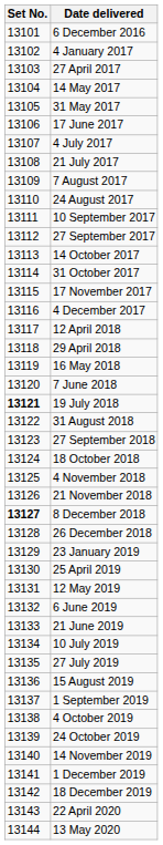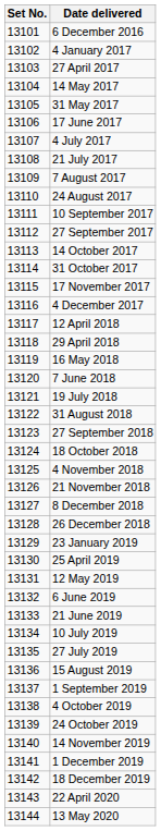 <table class="wikitable mw-collapsible mw-collapsed">
 <tr>
 <th>Set No.</th>
 <th>Date delivered</th>
 </tr>
 <tr>
 <td>13101</td>
 <td>6 December 2016</td>
 </tr>
 <tr>
 <td>13102</td>
 <td>4 January 2017</td>
 </tr>
 <tr>
 <td>13103</td>
 <td>27 April 2017</td>
 </tr>
 <tr>
 <td>13104</td>
 <td>14 May 2017</td>
 </tr>
 <tr>
 <td>13105</td>
 <td>31 May 2017</td>
 </tr>
 <tr>
 <td>13106</td>
 <td>17 June 2017</td>
 </tr>
 <tr>
 <td>13107</td>
 <td>4 July 2017</td>
 </tr>
 <tr>
 <td>13108</td>
 <td>21 July 2017</td>
 </tr>
 <tr>
 <td>13109</td>
 <td>7 August 2017</td>
 </tr>
 <tr>
 <td>13110</td>
 <td>24 August 2017</td>
 </tr>
 <tr>
 <td>13111</td>
 <td>10 September 2017</td>
 </tr>
 <tr>
 <td>13112</td>
 <td>27 September 2017</td>
 </tr>
 <tr>
 <td>13113</td>
 <td>14 October 2017</td>
 </tr>
 <tr>
 <td>13114</td>
 <td>31 October 2017</td>
 </tr>
 <tr>
 <td>13115</td>
 <td>17 November 2017</td>
 </tr>
 <tr>
 <td>13116</td>
 <td>4 December 2017</td>
 </tr>
 <tr>
 <td>13117</td>
 <td>12 April 2018</td>
 </tr>
 <tr>
 <td>13118</td>
 <td>29 April 2018</td>
 </tr>
 <tr>
 <td>13119</td>
 <td>16 May 2018</td>
 </tr>
 <tr>
 <td>13120</td>
 <td>7 June 2018</td>
 </tr>
 <tr>
-<td><strong>13121</strong></td>
+<td>13121</td>
 <td>19 July 2018</td>
 </tr>
 <tr>
 <td>13122</td>
 <td>31 August 2018</td>
 </tr>
 <tr>
 <td>13123</td>
 <td>27 September 2018</td>
 </tr>
 <tr>
 <td>13124</td>
 <td>18 October 2018</td>
 </tr>
 <tr>
 <td>13125</td>
 <td>4 November 2018</td>
 </tr>
 <tr>
 <td>13126</td>
 <td>21 November 2018</td>
 </tr>
 <tr>
-<td><strong>13127</strong></td>
+<td>13127</td>
 <td>8 December 2018</td>
 </tr>
 <tr>
 <td>13128</td>
 <td>26 December 2018</td>
 </tr>
 <tr>
 <td>13129</td>
 <td>23 January 2019</td>
 </tr>
 <tr>
 <td>13130</td>
 <td>25 April 2019</td>
 </tr>
 <tr>
 <td>13131</td>
 <td>12 May 2019</td>
 </tr>
 <tr>
 <td>13132</td>
 <td>6 June 2019</td>
 </tr>
 <tr>
 <td>13133</td>
 <td>21 June 2019</td>
 </tr>
 <tr>
 <td>13134</td>
 <td>10 July 2019</td>
 </tr>
 <tr>
 <td>13135</td>
 <td>27 July 2019</td>
 </tr>
 <tr>
 <td>13136</td>
 <td>15 August 2019</td>
 </tr>
 <tr>
 <td>13137</td>
 <td>1 September 2019</td>
 </tr>
 <tr>
 <td>13138</td>
 <td>4 October 2019</td>
 </tr>
 <tr>
 <td>13139</td>
 <td>24 October 2019</td>
 </tr>
 <tr>
 <td>13140</td>
 <td>14 November 2019</td>
 </tr>
 <tr>
 <td>13141</td>
 <td>1 December 2019</td>
 </tr>
 <tr>
 <td>13142</td>
 <td>18 December 2019</td>
 </tr>
 <tr>
 <td>13143</td>
 <td>22 April 2020</td>
 </tr>
 <tr>
 <td>13144</td>
 <td>13 May 2020</td>
 </tr>
 </table>
